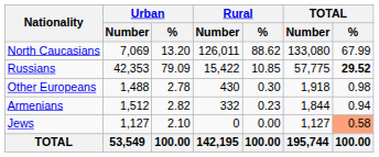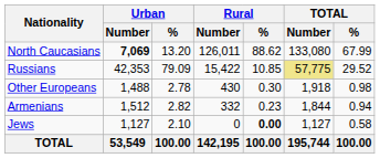 <table class="wikitable sortable">
 <tr>
 <th rowspan="2">Nationality</th>
 <th colspan="2"><a href='#'>Urban</a></th>
 <th colspan="2"><a href='#'>Rural</a></th>
 <th colspan="2">TOTAL</th>
 </tr>
 <tr>
 <th>Number</th>
 <th>%</th>
 <th>Number</th>
 <th>%</th>
 <th>Number</th>
 <th>%</th>
 </tr>
 <tr>
 <td><a href='#'>North Caucasians</a></td>
-<td align="right">7,069</td>
+<td align="right"><strong>7,069</strong></td>
 <td align="right">13.20</td>
 <td align="right">126,011</td>
 <td align="right">88.62</td>
 <td align="right">133,080</td>
 <td align="right">67.99</td>
 </tr>
 <tr>
 <td><a href='#'>Russians</a></td>
 <td align="right">42,353</td>
 <td align="right">79.09</td>
 <td align="right">15,422</td>
 <td align="right">10.85</td>
-<td align="right">57,775</td>
-<td align="right"><strong>29.52</strong></td>
+<td align="right" style="background: khaki;">57,775</td>
+<td align="right">29.52</td>
 </tr>
 <tr>
 <td><a href='#'>Other Europeans</a></td>
 <td align="right">1,488</td>
 <td align="right">2.78</td>
 <td align="right">430</td>
 <td align="right">0.30</td>
 <td align="right">1,918</td>
 <td align="right">0.98</td>
 </tr>
 <tr>
 <td><a href='#'>Armenians</a></td>
 <td align="right">1,512</td>
 <td align="right">2.82</td>
 <td align="right">332</td>
 <td align="right">0.23</td>
 <td align="right">1,844</td>
 <td align="right">0.94</td>
 </tr>
 <tr>
 <td><a href='#'>Jews</a></td>
 <td align="right">1,127</td>
 <td align="right">2.10</td>
 <td align="right">0</td>
-<td align="right">0.00</td>
+<td align="right"><strong>0.00</strong></td>
 <td align="right">1,127</td>
-<td align="right" style="background: lightsalmon;">0.58</td>
+<td align="right">0.58</td>
 </tr>
 <tr>
 <th>TOTAL</th>
 <th>53,549</th>
 <th>100.00</th>
 <th>142,195</th>
 <th>100.00</th>
 <th>195,744</th>
 <th>100.00</th>
 </tr>
 </table>
